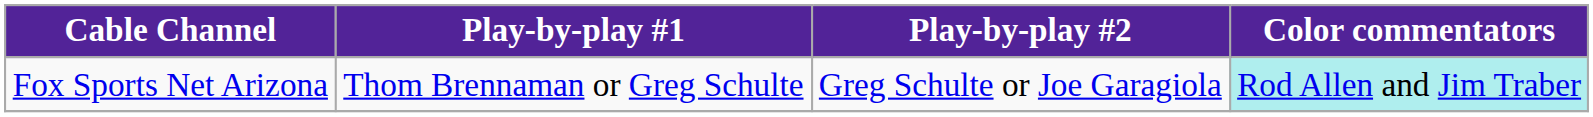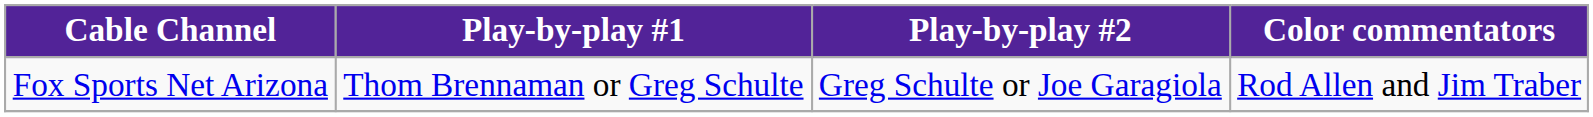 <table class="wikitable">
 <tr>
 <th style="background:#522398;color:white;">Cable Channel</th>
 <th style="background:#522398;color:white;">Play-by-play #1</th>
 <th style="background:#522398;color:white;">Play-by-play #2</th>
 <th style="background:#522398;color:white;">Color commentators</th>
 </tr>
 <tr align="center">
 <td><a href='#'>Fox Sports Net Arizona</a></td>
 <td><a href='#'>Thom Brennaman</a> or <a href='#'>Greg Schulte</a></td>
 <td><a href='#'>Greg Schulte</a> or <a href='#'>Joe Garagiola</a></td>
-<td style="background: paleturquoise;"><a href='#'>Rod Allen</a> and <a href='#'>Jim Traber</a></td>
+<td><a href='#'>Rod Allen</a> and <a href='#'>Jim Traber</a></td>
 </tr>
 <tr>
 </tr>
 </table>
